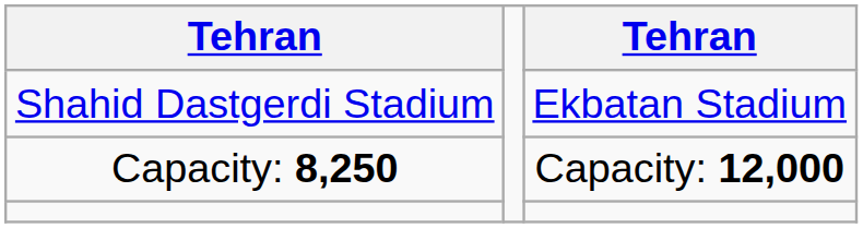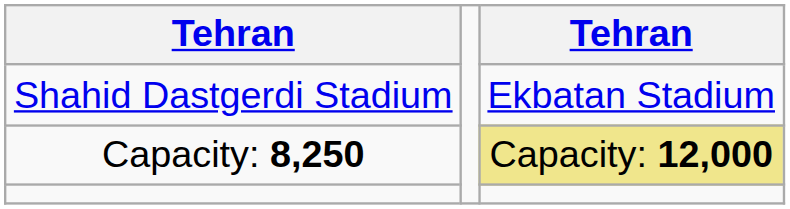 <table class="wikitable" style="text-align:center">
 <tr>
 <th><a href='#'>Tehran</a></th>
 <td rowspan="4"></td>
 <th><a href='#'>Tehran</a></th>
 </tr>
 <tr>
 <td><a href='#'>Shahid Dastgerdi Stadium</a></td>
 <td><a href='#'>Ekbatan Stadium</a></td>
 </tr>
 <tr>
 <td>Capacity: <strong>8,250</strong></td>
-<td>Capacity: <strong>12,000</strong></td>
+<td style="background: khaki;">Capacity: <strong>12,000</strong></td>
 </tr>
 <tr>
 <td></td>
 <td></td>
 </tr>
 </table>
